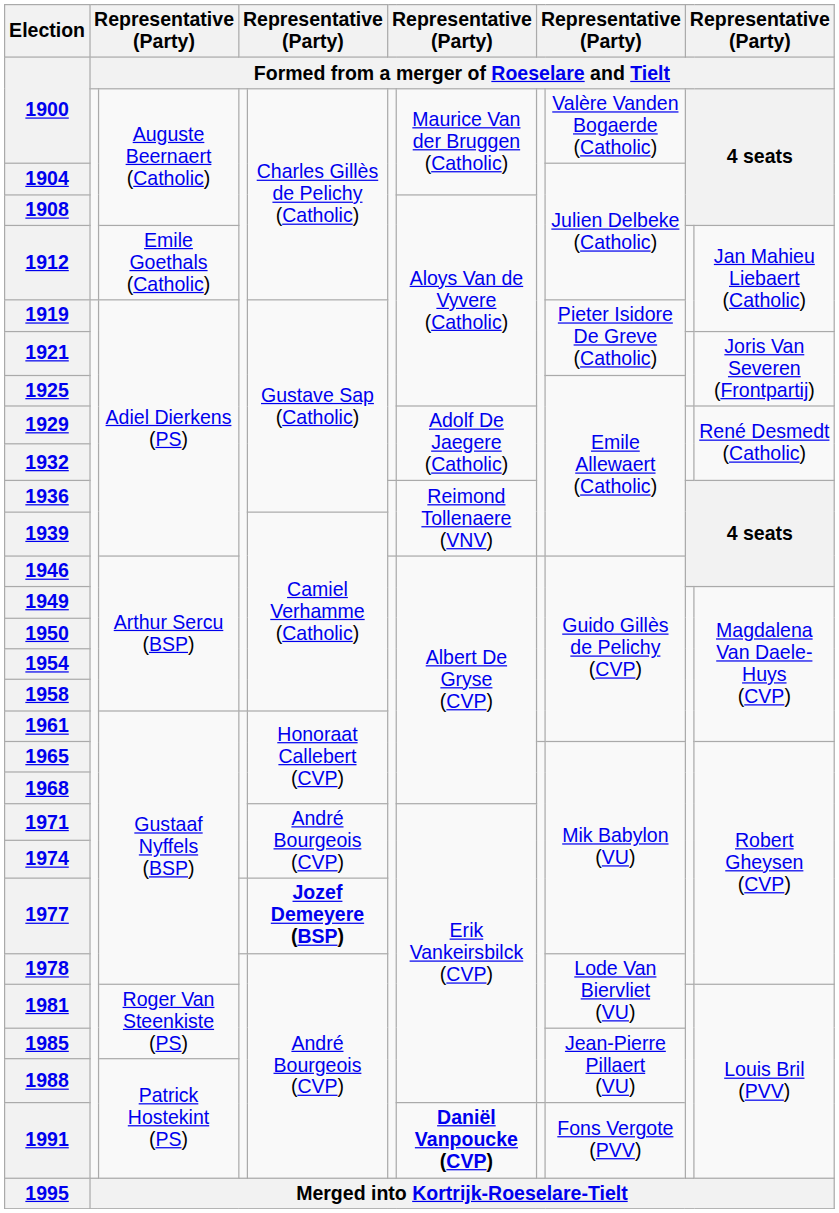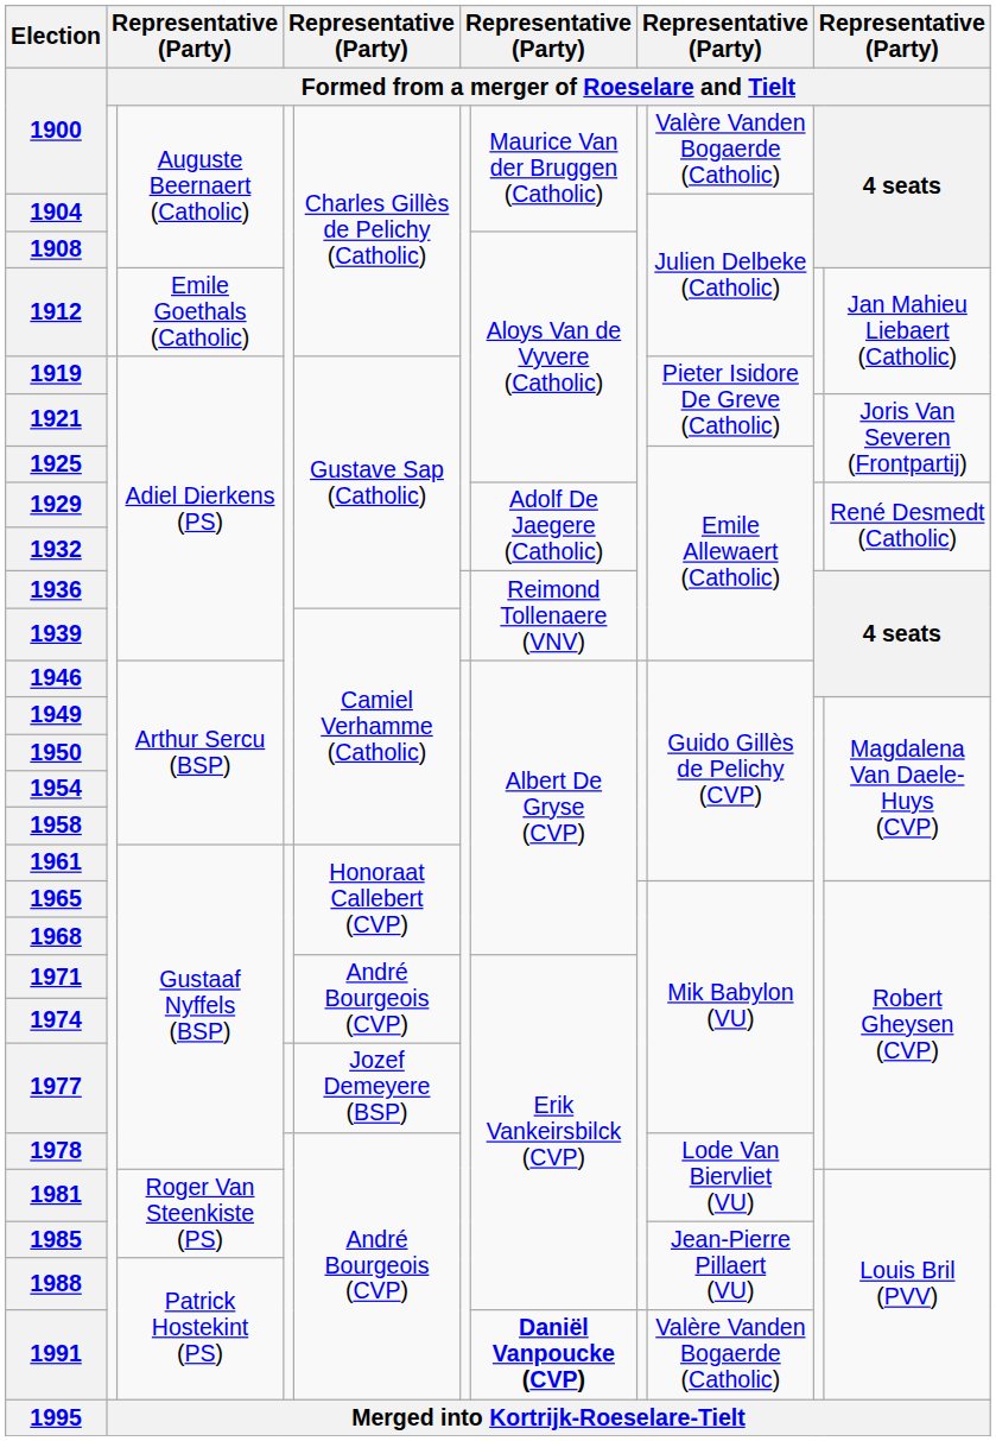 <table class="wikitable" style="text-align:center">
 <tr>
 <th>Election</th>
 <th colspan=2>Representative<br>(Party)</th>
 <th colspan=2>Representative<br>(Party)</th>
 <th colspan=2>Representative<br>(Party)</th>
 <th colspan=2>Representative<br>(Party)</th>
 <th colspan=2>Representative<br>(Party)</th>
 </tr>
 <tr>
 <th rowspan=2><a href='#'>1900</a></th>
 <th colspan=10>Formed from a merger of <a href='#'>Roeselare</a> and <a href='#'>Tielt</a></th>
 </tr>
 <tr>
 <td rowspan=4; style="background-color: "></td>
 <td rowspan=3><a href='#'>Auguste Beernaert</a><br>(<a href='#'>Catholic</a>)</td>
 <td rowspan=16; style="background-color: "></td>
 <td rowspan=4><a href='#'>Charles Gillès de Pelichy</a><br>(<a href='#'>Catholic</a>)</td>
 <td rowspan=9; style="background-color: "></td>
 <td rowspan=2><a href='#'>Maurice Van der Bruggen</a><br>(<a href='#'>Catholic</a>)</td>
 <td rowspan=11; style="background-color: "></td>
 <td rowspan=1><a href='#'>Valère Vanden Bogaerde</a><br>(<a href='#'>Catholic</a>)</td>
 <th colspan=2; rowspan=3>4 seats</th>
 </tr>
 <tr>
 <th><a href='#'>1904</a></th>
 <td rowspan=3><a href='#'>Julien Delbeke</a><br>(<a href='#'>Catholic</a>)</td>
 </tr>
 <tr>
 <th><a href='#'>1908</a></th>
 <td rowspan=5><a href='#'>Aloys Van de Vyvere</a><br>(<a href='#'>Catholic</a>)</td>
 </tr>
 <tr>
 <th><a href='#'>1912</a></th>
 <td rowspan=1><a href='#'>Emile Goethals</a><br>(<a href='#'>Catholic</a>)</td>
 <td rowspan=2; style="background-color: "></td>
 <td rowspan=2><a href='#'>Jan Mahieu Liebaert</a><br>(<a href='#'>Catholic</a>)</td>
 </tr>
 <tr>
 <th><a href='#'>1919</a></th>
 <td rowspan=23; style="background-color: "></td>
 <td rowspan=7><a href='#'>Adiel Dierkens</a><br>(<a href='#'>PS</a>)</td>
 <td rowspan=6><a href='#'>Gustave Sap</a><br>(<a href='#'>Catholic</a>)</td>
 <td rowspan=2><a href='#'>Pieter Isidore De Greve</a><br>(<a href='#'>Catholic</a>)</td>
 </tr>
 <tr>
 <th><a href='#'>1921</a></th>
 <td rowspan=2; style="background-color: "></td>
 <td rowspan=2><a href='#'>Joris Van Severen</a><br>(<a href='#'>Frontpartij</a>)</td>
 </tr>
 <tr>
 <th><a href='#'>1925</a></th>
 <td rowspan=5><a href='#'>Emile Allewaert</a><br>(<a href='#'>Catholic</a>)</td>
 </tr>
 <tr>
 <th><a href='#'>1929</a></th>
 <td rowspan=2><a href='#'>Adolf De Jaegere</a><br>(<a href='#'>Catholic</a>)</td>
 <td rowspan=2; style="background-color: "></td>
 <td rowspan=2><a href='#'>René Desmedt</a><br>(<a href='#'>Catholic</a>)</td>
 </tr>
 <tr>
 <th><a href='#'>1932</a></th>
 </tr>
 <tr>
 <th><a href='#'>1936</a></th>
 <td rowspan=2; style="background-color: "></td>
 <td rowspan=2><a href='#'>Reimond Tollenaere</a><br>(<a href='#'>VNV</a>)</td>
 <th colspan=2; rowspan=3>4 seats</th>
 </tr>
 <tr>
 <th><a href='#'>1939</a></th>
 <td rowspan=6><a href='#'>Camiel Verhamme</a><br>(<a href='#'>Catholic</a>)</td>
 </tr>
 <tr>
 <th><a href='#'>1946</a></th>
 <td rowspan=5><a href='#'>Arthur Sercu</a><br>(<a href='#'>BSP</a>)</td>
 <td rowspan=16; style="background-color: "></td>
 <td rowspan=8><a href='#'>Albert De Gryse</a><br>(<a href='#'>CVP</a>)</td>
 <td rowspan=6; style="background-color: "></td>
 <td rowspan=6><a href='#'>Guido Gillès de Pelichy</a><br>(<a href='#'>CVP</a>)</td>
 </tr>
 <tr>
 <th><a href='#'>1949</a></th>
 <td rowspan=11; style="background-color: "></td>
 <td rowspan=5><a href='#'>Magdalena Van Daele-Huys</a><br>(<a href='#'>CVP</a>)</td>
 </tr>
 <tr>
 <th><a href='#'>1950</a></th>
 </tr>
 <tr>
 <th><a href='#'>1954</a></th>
 </tr>
 <tr>
 <th><a href='#'>1958</a></th>
 </tr>
 <tr>
 <th><a href='#'>1961</a></th>
 <td rowspan=7><a href='#'>Gustaaf Nyffels</a><br>(<a href='#'>BSP</a>)</td>
 <td rowspan=5; style="background-color: "></td>
 <td rowspan=3><a href='#'>Honoraat Callebert</a><br>(<a href='#'>CVP</a>)</td>
 </tr>
 <tr>
 <th><a href='#'>1965</a></th>
 <td rowspan=9; style="background-color: "></td>
 <td rowspan=5><a href='#'>Mik Babylon</a><br>(<a href='#'>VU</a>)</td>
 <td rowspan=6><a href='#'>Robert Gheysen</a><br>(<a href='#'>CVP</a>)</td>
 </tr>
 <tr>
 <th><a href='#'>1968</a></th>
 </tr>
 <tr>
 <th><a href='#'>1971</a></th>
 <td rowspan=2><a href='#'>André Bourgeois</a><br>(<a href='#'>CVP</a>)</td>
 <td rowspan=7><a href='#'>Erik Vankeirsbilck</a><br>(<a href='#'>CVP</a>)</td>
 </tr>
 <tr>
 <th><a href='#'>1974</a></th>
 </tr>
 <tr>
 <th><a href='#'>1977</a></th>
 <td rowspan=1; style="background-color: "></td>
-<td rowspan=1><strong><a href='#'>Jozef Demeyere</a><br>(<a href='#'>BSP</a>)</strong></td>
+<td rowspan=1><a href='#'>Jozef Demeyere</a><br>(<a href='#'>BSP</a>)</td>
 </tr>
 <tr>
 <th><a href='#'>1978</a></th>
 <td rowspan=5; style="background-color: "></td>
 <td rowspan=5><a href='#'>André Bourgeois</a><br>(<a href='#'>CVP</a>)</td>
 <td rowspan=2><a href='#'>Lode Van Biervliet</a><br>(<a href='#'>VU</a>)</td>
 </tr>
 <tr>
 <th><a href='#'>1981</a></th>
 <td rowspan=2><a href='#'>Roger Van Steenkiste</a><br>(<a href='#'>PS</a>)</td>
 <td rowspan=4; style="background-color: "></td>
 <td rowspan=4><a href='#'>Louis Bril</a><br>(<a href='#'>PVV</a>)</td>
 </tr>
 <tr>
 <th><a href='#'>1985</a></th>
 <td rowspan=2><a href='#'>Jean-Pierre Pillaert</a><br>(<a href='#'>VU</a>)</td>
 </tr>
 <tr>
 <th><a href='#'>1988</a></th>
 <td rowspan=2><a href='#'>Patrick Hostekint</a><br>(<a href='#'>PS</a>)</td>
 </tr>
 <tr>
 <th><a href='#'>1991</a></th>
 <td rowspan=1><strong><a href='#'>Daniël Vanpoucke</a><br>(<a href='#'>CVP</a>)</strong></td>
 <td rowspan=1; style="background-color: "></td>
-<td rowspan=1><a href='#'>Fons Vergote</a><br>(<a href='#'>PVV</a>)</td>
+<td rowspan=1><a href='#'>Valère Vanden Bogaerde</a><br>(<a href='#'>Catholic</a>)</td>
 </tr>
 <tr>
 <th><a href='#'>1995</a></th>
 <th colspan=10>Merged into <a href='#'>Kortrijk-Roeselare-Tielt</a></th>
 </tr>
 </table>
